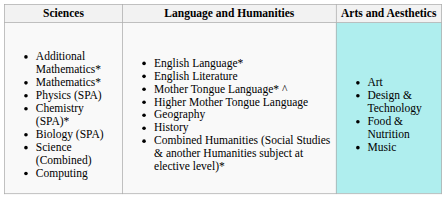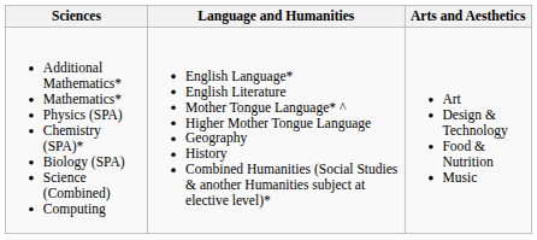 <table class="wikitable">
 <tr>
 <th>Sciences</th>
 <th><strong>Language and Humanities</strong></th>
 <th><strong>Arts and Aesthetics</strong></th>
 </tr>
 <tr>
 <td><br><ul><li>Additional Mathematics*</li><li>Mathematics*</li><li>Physics (SPA)</li><li>Chemistry (SPA)*</li><li>Biology (SPA)</li><li>Science (Combined)</li><li>Computing</li></ul></td>
 <td><br><ul><li>English Language*</li><li>English Literature</li><li>Mother Tongue Language* ^</li><li>Higher Mother Tongue Language</li><li>Geography</li><li>History</li><li>Combined Humanities (Social Studies & another Humanities subject at elective level)*</li></ul></td>
-<td style="background: paleturquoise;"><br><ul><li>Art</li><li>Design & Technology</li><li>Food & Nutrition</li><li>Music</li></ul></td>
+<td><br><ul><li>Art</li><li>Design & Technology</li><li>Food & Nutrition</li><li>Music</li></ul></td>
 </tr>
 </table>
